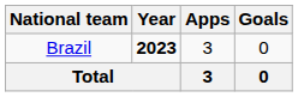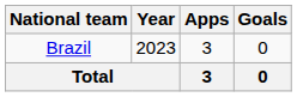 <table class="wikitable" style="text-align:center">
 <tr>
 <th>National team</th>
 <th>Year</th>
 <th>Apps</th>
 <th>Goals</th>
 </tr>
 <tr>
 <td rowspan="1"><a href='#'>Brazil</a></td>
-<td><strong>2023</strong></td>
+<td>2023</td>
 <td>3</td>
 <td>0</td>
 </tr>
 <tr>
 <th colspan="2">Total</th>
 <th>3</th>
 <th>0</th>
 </tr>
 </table>
